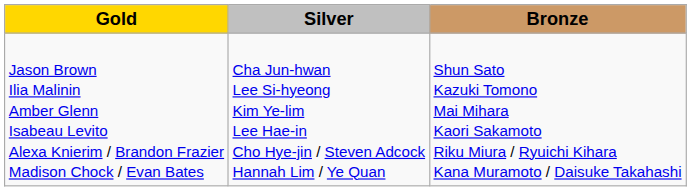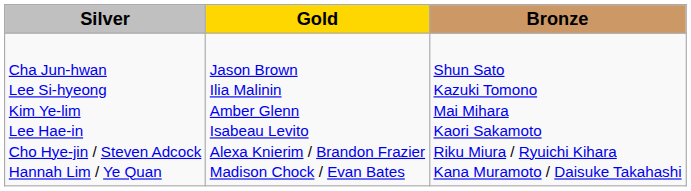 <table class="wikitable">
 <tr>
+<td align="center" bgcolor="silver"><strong>Silver</strong></td>
 <td align="center" bgcolor="gold"><strong>Gold</strong></td>
-<td align="center" bgcolor="silver"><strong>Silver</strong></td>
 <td align="center" bgcolor="CC9966"><strong>Bronze</strong></td>
 </tr>
 <tr>
+<td><br><small><a href='#'>Cha Jun-hwan</a><br><a href='#'>Lee Si-hyeong</a><br><a href='#'>Kim Ye-lim</a><br><a href='#'>Lee Hae-in</a><br><a href='#'>Cho Hye-jin</a> / <a href='#'>Steven Adcock</a><br><a href='#'>Hannah Lim</a> / <a href='#'>Ye Quan</a></small></td>
 <td><br><small><a href='#'>Jason Brown</a><br><a href='#'>Ilia Malinin</a><br><a href='#'>Amber Glenn</a><br><a href='#'>Isabeau Levito</a><br><a href='#'>Alexa Knierim</a> / <a href='#'>Brandon Frazier</a><br><a href='#'>Madison Chock</a> / <a href='#'>Evan Bates</a></small></td>
-<td><br><small><a href='#'>Cha Jun-hwan</a><br><a href='#'>Lee Si-hyeong</a><br><a href='#'>Kim Ye-lim</a><br><a href='#'>Lee Hae-in</a><br><a href='#'>Cho Hye-jin</a> / <a href='#'>Steven Adcock</a><br><a href='#'>Hannah Lim</a> / <a href='#'>Ye Quan</a></small></td>
 <td><br><small><a href='#'>Shun Sato</a><br><a href='#'>Kazuki Tomono</a><br><a href='#'>Mai Mihara</a><br><a href='#'>Kaori Sakamoto</a><br><a href='#'>Riku Miura</a> / <a href='#'>Ryuichi Kihara</a><br><a href='#'>Kana Muramoto</a> / <a href='#'>Daisuke Takahashi</a></small></td>
 </tr>
 </table>
